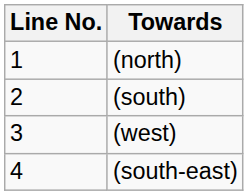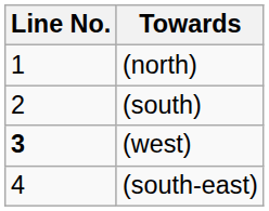 <table class="wikitable">
 <tr>
 <th>Line No.</th>
 <th>Towards</th>
 </tr>
 <tr>
 <td>1</td>
 <td> (north)</td>
 </tr>
 <tr>
 <td>2</td>
 <td> (south)</td>
 </tr>
 <tr>
-<td>3</td>
+<td><strong>3</strong></td>
 <td> (west)</td>
 </tr>
 <tr>
 <td>4</td>
 <td> (south-east)</td>
 </tr>
 </table>
